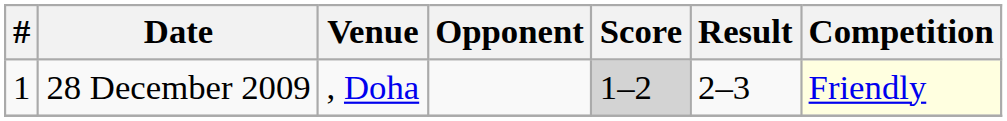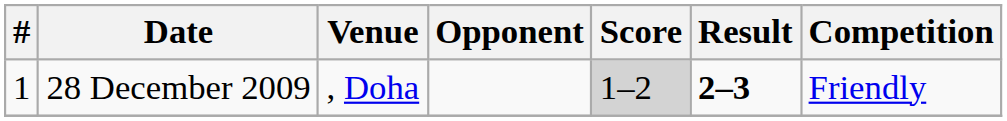 <table class="wikitable">
 <tr>
 <th>#</th>
 <th>Date</th>
 <th>Venue</th>
 <th>Opponent</th>
 <th>Score</th>
 <th>Result</th>
 <th>Competition</th>
 </tr>
 <tr>
 <td>1</td>
 <td>28 December 2009</td>
 <td>, <a href='#'>Doha</a></td>
 <td></td>
 <td style="background: lightgrey;">1–2</td>
-<td>2–3</td>
-<td style="background: lightyellow;"><a href='#'>Friendly</a></td>
+<td><strong>2–3</strong></td>
+<td><a href='#'>Friendly</a></td>
 </tr>
 <tr>
 </tr>
 </table>
